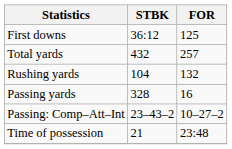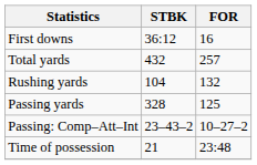 <table class="wikitable" style="float: left;">
 <tr>
 <th>Statistics</th>
 <th>STBK</th>
 <th>FOR</th>
 </tr>
 <tr>
 <td>First downs</td>
 <td>36:12</td>
-<td>125</td>
+<td>16</td>
 </tr>
 <tr>
 <td>Total yards</td>
 <td>432</td>
 <td>257</td>
 </tr>
 <tr>
 <td>Rushing yards</td>
 <td>104</td>
 <td>132</td>
 </tr>
 <tr>
 <td>Passing yards</td>
 <td>328</td>
-<td>16</td>
+<td>125</td>
 </tr>
 <tr>
 <td>Passing: Comp–Att–Int</td>
 <td>23–43–2</td>
 <td>10–27–2</td>
 </tr>
 <tr>
 <td>Time of possession</td>
 <td>21</td>
 <td>23:48</td>
 </tr>
 <tr>
 </tr>
 </table>
